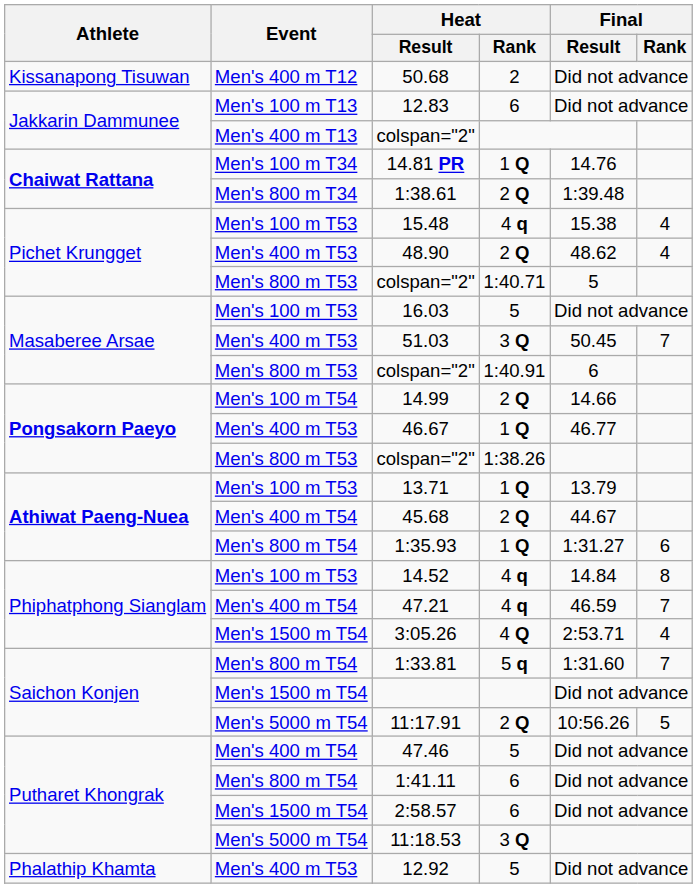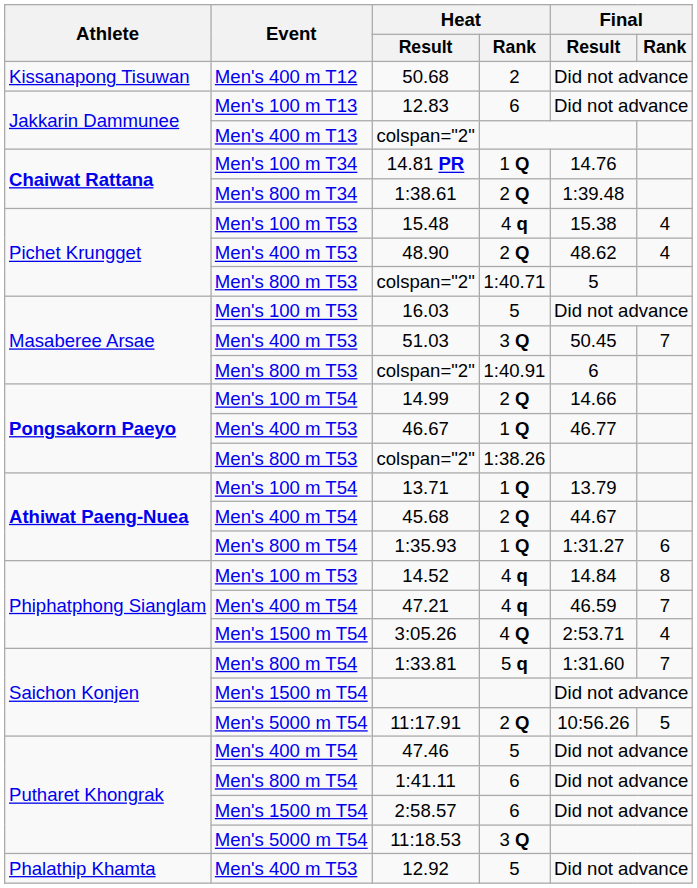 <table class="wikitable" style="font-size:90%">
 <tr>
 <th rowspan="2">Athlete</th>
 <th rowspan="2">Event</th>
 <th colspan="2">Heat</th>
 <th colspan="2">Final</th>
 </tr>
 <tr style="font-size:95%">
 <th>Result</th>
 <th>Rank</th>
 <th>Result</th>
 <th>Rank</th>
 </tr>
 <tr align=center>
 <td align=left><a href='#'>Kissanapong Tisuwan</a></td>
 <td align=left><a href='#'>Men's 400 m T12</a></td>
 <td>50.68</td>
 <td>2 <strong></strong></td>
 <td colspan="2">Did not advance</td>
 </tr>
 <tr align=center>
 <td align=left rowspan=2><a href='#'>Jakkarin Dammunee</a></td>
 <td align=left><a href='#'>Men's 100 m T13</a></td>
 <td>12.83</td>
 <td>6</td>
 <td colspan="2">Did not advance</td>
 </tr>
 <tr align=center>
 <td align=left><a href='#'>Men's 400 m T13</a></td>
 <td>colspan="2" </td>
 <td colspan="2"><strong></strong></td>
 </tr>
 <tr align=center>
 <td align=left rowspan=2><strong><a href='#'>Chaiwat Rattana</a></strong></td>
 <td align=left><a href='#'>Men's 100 m T34</a></td>
 <td>14.81 <strong><a href='#'>PR</a></strong></td>
 <td>1 <strong>Q</strong></td>
 <td>14.76 <strong></strong></td>
 <td></td>
 </tr>
 <tr align=center>
 <td align=left><a href='#'>Men's 800 m T34</a></td>
 <td>1:38.61</td>
 <td>2 <strong>Q</strong></td>
 <td>1:39.48</td>
 <td></td>
 </tr>
 <tr align=center>
 <td align=left rowspan=3><a href='#'>Pichet Krungget</a></td>
 <td align=left><a href='#'>Men's 100 m T53</a></td>
 <td>15.48</td>
 <td>4 <strong>q</strong></td>
 <td>15.38</td>
 <td>4</td>
 </tr>
 <tr align=center>
 <td align=left><a href='#'>Men's 400 m T53</a></td>
 <td>48.90</td>
 <td>2 <strong>Q</strong></td>
 <td>48.62</td>
 <td>4</td>
 </tr>
 <tr align=center>
 <td align=left><a href='#'>Men's 800 m T53</a></td>
 <td>colspan="2" </td>
 <td>1:40.71</td>
 <td>5</td>
 </tr>
 <tr align=center>
 <td align=left rowspan=3><a href='#'>Masaberee Arsae</a></td>
 <td align=left><a href='#'>Men's 100 m T53</a></td>
 <td>16.03</td>
 <td>5</td>
 <td colspan="2">Did not advance</td>
 </tr>
 <tr align=center>
 <td align=left><a href='#'>Men's 400 m T53</a></td>
 <td>51.03</td>
 <td>3 <strong>Q</strong></td>
 <td>50.45</td>
 <td>7</td>
 </tr>
 <tr align=center>
 <td align=left><a href='#'>Men's 800 m T53</a></td>
 <td>colspan="2" </td>
 <td>1:40.91</td>
 <td>6</td>
 </tr>
 <tr align=center>
 <td align=left rowspan=3><strong><a href='#'>Pongsakorn Paeyo</a></strong></td>
 <td align=left><a href='#'>Men's 100 m T54</a></td>
 <td>14.99</td>
 <td>2 <strong>Q</strong></td>
 <td>14.66 <strong></strong></td>
 <td></td>
 </tr>
 <tr align=center>
 <td align=left><a href='#'>Men's 400 m T53</a></td>
 <td>46.67 <strong></strong></td>
 <td>1 <strong>Q</strong></td>
 <td>46.77</td>
 <td></td>
 </tr>
 <tr align=center>
 <td align=left><a href='#'>Men's 800 m T53</a></td>
 <td>colspan="2" </td>
 <td>1:38.26</td>
 <td></td>
 </tr>
 <tr align=center>
 <td align=left rowspan=3><strong><a href='#'>Athiwat Paeng-Nuea</a></strong></td>
-<td align=left><a href='#'>Men's 100 m T53</a></td>
+<td align=left><a href='#'>Men's 100 m T54</a></td>
 <td>13.71</td>
 <td>1 <strong>Q</strong></td>
 <td>13.79</td>
 <td></td>
 </tr>
 <tr align=center>
 <td align=left><a href='#'>Men's 400 m T54</a></td>
 <td>45.68</td>
 <td>2 <strong>Q</strong></td>
 <td>44.67 <strong></strong></td>
 <td></td>
 </tr>
 <tr align=center>
 <td align=left><a href='#'>Men's 800 m T54</a></td>
 <td>1:35.93</td>
 <td>1 <strong>Q</strong></td>
 <td>1:31.27</td>
 <td>6</td>
 </tr>
 <tr align=center>
 <td align=left rowspan=3><a href='#'>Phiphatphong Sianglam</a></td>
 <td align=left><a href='#'>Men's 100 m T53</a></td>
 <td>14.52 <strong></strong></td>
 <td>4 <strong>q</strong></td>
 <td>14.84</td>
 <td>8</td>
 </tr>
 <tr align=center>
 <td align=left><a href='#'>Men's 400 m T54</a></td>
 <td>47.21</td>
 <td>4 <strong>q</strong></td>
 <td>46.59</td>
 <td>7</td>
 </tr>
 <tr align=center>
 <td align=left><a href='#'>Men's 1500 m T54</a></td>
 <td>3:05.26</td>
 <td>4 <strong>Q</strong></td>
 <td>2:53.71</td>
 <td>4</td>
 </tr>
 <tr align=center>
 <td align=left rowspan=3><a href='#'>Saichon Konjen</a></td>
 <td align=left><a href='#'>Men's 800 m T54</a></td>
 <td>1:33.81</td>
 <td>5 <strong>q</strong></td>
 <td>1:31.60</td>
 <td>7</td>
 </tr>
 <tr align=center>
 <td align=left><a href='#'>Men's 1500 m T54</a></td>
 <td><strong></strong></td>
 <td></td>
 <td colspan="2">Did not advance</td>
 </tr>
 <tr align=center>
 <td align=left><a href='#'>Men's 5000 m T54</a></td>
 <td>11:17.91</td>
 <td>2 <strong>Q</strong></td>
 <td>10:56.26</td>
 <td>5</td>
 </tr>
 <tr align=center>
 <td align=left rowspan=4><a href='#'>Putharet Khongrak</a></td>
 <td align=left><a href='#'>Men's 400 m T54</a></td>
 <td>47.46</td>
 <td>5</td>
 <td colspan="2">Did not advance</td>
 </tr>
 <tr align=center>
 <td align=left><a href='#'>Men's 800 m T54</a></td>
 <td>1:41.11</td>
 <td>6</td>
 <td colspan="2">Did not advance</td>
 </tr>
 <tr align=center>
 <td align=left><a href='#'>Men's 1500 m T54</a></td>
 <td>2:58.57</td>
 <td>6</td>
 <td colspan="2">Did not advance</td>
 </tr>
 <tr align=center>
 <td align=left><a href='#'>Men's 5000 m T54</a></td>
 <td>11:18.53</td>
 <td>3 <strong>Q</strong></td>
 <td colspan="2"><strong></strong></td>
 </tr>
 <tr align=center>
 <td align=left><a href='#'>Phalathip Khamta</a></td>
 <td align=left><a href='#'>Men's 400 m T53</a></td>
 <td>12.92</td>
 <td>5</td>
 <td colspan="2">Did not advance</td>
 </tr>
 </table>
